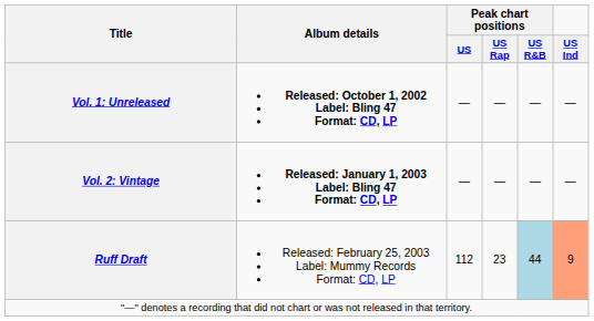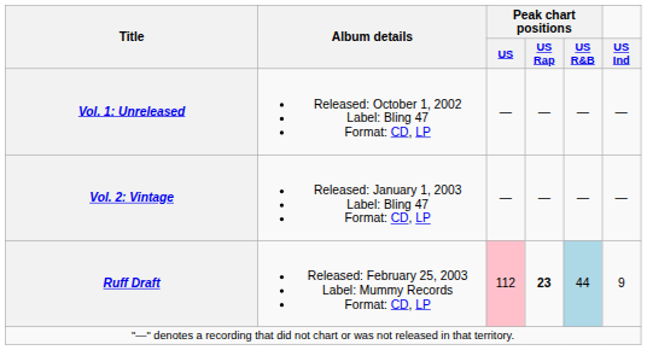 <table class="wikitable plainrowheaders" style="text-align:center;">
 <tr>
 <th rowspan="2" scope="col" style="width:20em;">Title</th>
 <th rowspan="2" scope="col" style="width:18em;">Album details</th>
 <th colspan="3" scope="col">Peak chart positions</th>
 </tr>
 <tr>
 <th scope="col" style="width:3em;font-size:90%;"><a href='#'>US</a><br></th>
 <th scope="col" style="width:3em;font-size:90%;"><a href='#'>US<br> Rap</a><br></th>
 <th scope="col" style="width:3em;font-size:90%;"><a href='#'>US<br> R&B</a><br></th>
 <th scope="col" style="width:3em;font-size:90%;"><a href='#'>US<br> Ind</a><br></th>
 </tr>
 <tr>
 <th scope="row"><em><a href='#'>Vol. 1: Unreleased</a></em></th>
-<td><strong><br><ul><li>Released: October 1, 2002</li><li>Label: Bling 47</li><li>Format: <a href='#'>CD</a>, <a href='#'>LP</a></li></ul></strong></td>
+<td><br><ul><li>Released: October 1, 2002</li><li>Label: Bling 47</li><li>Format: <a href='#'>CD</a>, <a href='#'>LP</a></li></ul></td>
 <td>—</td>
 <td>—</td>
 <td>—</td>
 <td>—</td>
 </tr>
 <tr>
 <th scope="row"><em><a href='#'>Vol. 2: Vintage</a></em></th>
-<td><strong><br><ul><li>Released: January 1, 2003</li><li>Label: Bling 47</li><li>Format: <a href='#'>CD</a>, <a href='#'>LP</a></li></ul></strong></td>
+<td><br><ul><li>Released: January 1, 2003</li><li>Label: Bling 47</li><li>Format: <a href='#'>CD</a>, <a href='#'>LP</a></li></ul></td>
 <td>—</td>
 <td>—</td>
 <td>—</td>
 <td>—</td>
 </tr>
 <tr>
 <th scope="row"><em><a href='#'>Ruff Draft</a></em></th>
 <td><br><ul><li>Released: February 25, 2003</li><li>Label: Mummy Records</li><li>Format: <a href='#'>CD</a>, <a href='#'>LP</a></li></ul></td>
-<td>112</td>
-<td>23</td>
+<td style="background: pink;">112</td>
+<td><strong>23</strong></td>
 <td style="background: lightblue;">44</td>
-<td style="background: lightsalmon;">9</td>
+<td>9</td>
 </tr>
 <tr>
 <td colspan="13" style="font-size:90%">"—" denotes a recording that did not chart or was not released in that territory.</td>
 </tr>
 </table>
